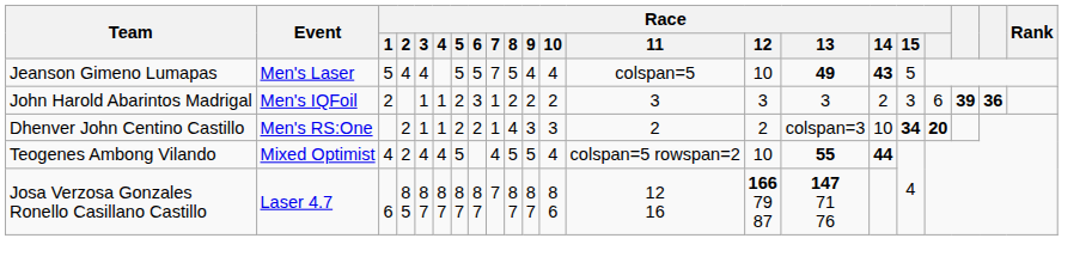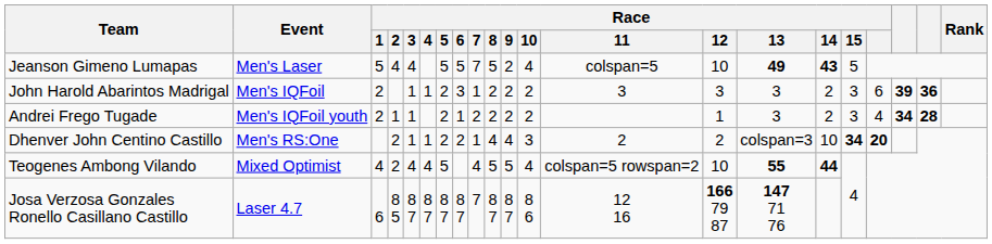 <table class="wikitable" style="font-size:90%">
 <tr>
 <th rowspan=2>Team</th>
 <th rowspan=2>Event</th>
 <th colspan=16>Race</th>
 <th rowspan=2></th>
 <th rowspan=2></th>
 <th rowspan=2>Rank</th>
 </tr>
 <tr style="font-size:95%">
 <th>1</th>
 <th>2</th>
 <th>3</th>
 <th>4</th>
 <th>5</th>
 <th>6</th>
 <th>7</th>
 <th>8</th>
 <th>9</th>
 <th>10</th>
 <th>11</th>
 <th>12</th>
 <th>13</th>
 <th>14</th>
 <th>15</th>
 <th></th>
 </tr>
 <tr align=center>
 <td align=left>Jeanson Gimeno Lumapas</td>
 <td align=left><a href='#'>Men's Laser</a></td>
 <td>5</td>
 <td>4</td>
 <td>4</td>
 <td></td>
 <td>5</td>
 <td>5</td>
 <td>7<br></td>
 <td>5</td>
-<td>4</td>
+<td>2</td>
 <td>4</td>
 <td>colspan=5 </td>
 <td>10</td>
 <td><strong>49</strong></td>
 <td><strong>43</strong></td>
 <td>5</td>
 </tr>
 <tr align=center>
 <td align=left>John Harold Abarintos Madrigal</td>
 <td align=left><a href='#'>Men's IQFoil</a></td>
 <td>2</td>
 <td></td>
 <td>1</td>
 <td>1</td>
 <td>2</td>
 <td>3</td>
 <td>1</td>
 <td>2</td>
 <td>2</td>
 <td>2</td>
 <td>3</td>
 <td>3</td>
 <td>3</td>
 <td>2</td>
 <td>3</td>
 <td>6</td>
 <td><strong>39</strong></td>
 <td><strong>36</strong></td>
 <td></td>
 </tr>
 <tr align=center>
+<td align=left>Andrei Frego Tugade</td>
+<td align=left><a href='#'>Men's IQFoil youth</a></td>
+<td>2</td>
+<td>1</td>
+<td>1</td>
+<td></td>
+<td>2</td>
+<td>1</td>
+<td>2</td>
+<td>2</td>
+<td>2</td>
+<td>2</td>
+<td></td>
+<td>1</td>
+<td>3</td>
+<td>2</td>
+<td>3</td>
+<td>4</td>
+<td><strong>34</strong></td>
+<td><strong>28</strong></td>
+<td></td>
+</tr>
+<tr align=center>
 <td align=left>Dhenver John Centino Castillo</td>
 <td align=left><a href='#'>Men's RS:One</a></td>
 <td></td>
 <td>2</td>
 <td>1</td>
 <td>1</td>
 <td>2</td>
 <td>2</td>
 <td>1</td>
 <td>4</td>
-<td>3</td>
+<td>4</td>
 <td>3</td>
 <td>2</td>
 <td>2</td>
 <td>colspan=3 </td>
 <td>10</td>
 <td><strong>34</strong></td>
 <td><strong>20</strong></td>
 <td></td>
 </tr>
 <tr align=center>
 <td align=left>Teogenes Ambong Vilando</td>
 <td align=left><a href='#'>Mixed Optimist</a></td>
 <td>4</td>
 <td>2</td>
 <td>4</td>
 <td>4</td>
 <td>5</td>
 <td></td>
 <td>4</td>
 <td>5</td>
 <td>5</td>
 <td>4</td>
 <td>colspan=5 rowspan=2 </td>
 <td>10</td>
 <td><strong>55</strong></td>
 <td><strong>44</strong></td>
 <td rowspan=2>4</td>
 </tr>
 <tr align=center>
 <td align=left>Josa Verzosa Gonzales<br>Ronello Casillano Castillo</td>
 <td align=left><a href='#'>Laser 4.7</a></td>
 <td><br>6</td>
 <td>8<br>5</td>
 <td>8<br>7</td>
 <td>8<br>7</td>
 <td>8<br>7</td>
 <td>8<br>7</td>
 <td>7<br><br></td>
 <td>8<br>7</td>
 <td>8<br>7</td>
 <td>8<br>6</td>
 <td>12<br>16</td>
 <td><strong>166</strong><br>79<br>87</td>
 <td><strong>147</strong><br>71<br>76</td>
 </tr>
 </table>
